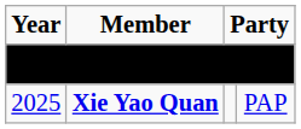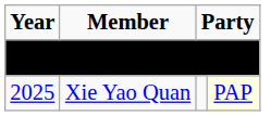 <table class="wikitable" align="center" style="text-align:center">
 <tr>
 <td><strong>Year</strong></td>
 <td><strong>Member</strong></td>
 <td colspan="2"><strong>Party</strong></td>
 </tr>
 <tr>
 <td colspan=4 bgcolor=black><span><strong>Formation</strong></span></td>
 </tr>
 <tr>
 <td><a href='#'>2025</a></td>
-<td><strong><a href='#'>Xie Yao Quan</a></strong></td>
+<td><a href='#'>Xie Yao Quan</a></td>
 <td></td>
-<td><a href='#'>PAP</a></td>
+<td style="background: lightyellow;"><a href='#'>PAP</a></td>
 </tr>
 </table>
